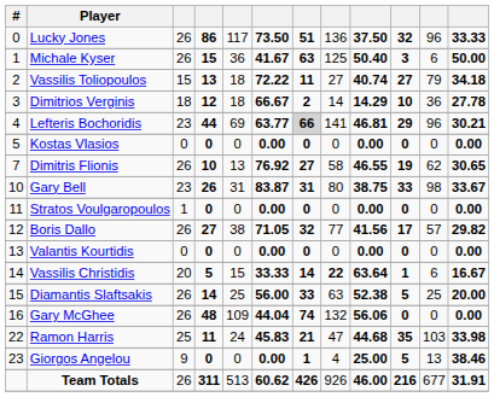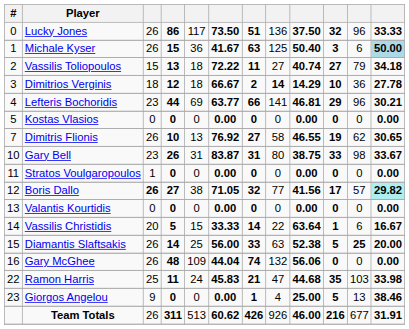 <table class="wikitable sortable" style="font-size:90%; text-align:center;">
 <tr>
 <th>#</th>
 <th>Player</th>
 <th></th>
 <th></th>
 <th></th>
 <th></th>
 <th></th>
 <th></th>
 <th></th>
 <th></th>
 <th></th>
 <th></th>
 </tr>
 <tr>
 <td>0</td>
 <td align="left"> <a href='#'>Lucky Jones</a></td>
 <td>26</td>
 <td><strong>86</strong></td>
 <td>117</td>
 <td><strong>73.50</strong></td>
 <td><strong>51</strong></td>
 <td>136</td>
 <td><strong>37.50</strong></td>
 <td><strong>32</strong></td>
 <td>96</td>
 <td><strong>33.33</strong></td>
 </tr>
 <tr>
 </tr>
 <tr>
 <td>1</td>
 <td align="left"> <a href='#'>Michale Kyser</a></td>
 <td>26</td>
 <td><strong>15</strong></td>
 <td>36</td>
 <td><strong>41.67</strong></td>
 <td><strong>63</strong></td>
 <td>125</td>
 <td><strong>50.40</strong></td>
 <td><strong>3</strong></td>
 <td>6</td>
-<td><strong>50.00</strong></td>
+<td style="background: lightblue;"><strong>50.00</strong></td>
 </tr>
 <tr>
 </tr>
 <tr>
 <td>2</td>
 <td align="left"> <a href='#'>Vassilis Toliopoulos</a></td>
 <td>15</td>
 <td><strong>13</strong></td>
 <td>18</td>
 <td><strong>72.22</strong></td>
 <td><strong>11</strong></td>
 <td>27</td>
 <td><strong>40.74</strong></td>
 <td><strong>27</strong></td>
 <td>79</td>
 <td><strong>34.18</strong></td>
 </tr>
 <tr>
 </tr>
 <tr>
 <td>3</td>
 <td align="left"> <a href='#'>Dimitrios Verginis</a></td>
 <td>18</td>
 <td><strong>12</strong></td>
 <td>18</td>
 <td><strong>66.67</strong></td>
 <td><strong>2</strong></td>
-<td>14</td>
+<td><strong>14</strong></td>
 <td><strong>14.29</strong></td>
 <td><strong>10</strong></td>
 <td>36</td>
 <td><strong>27.78</strong></td>
 </tr>
 <tr>
 </tr>
 <tr>
 <td>4</td>
 <td align="left"> <a href='#'>Lefteris Bochoridis</a></td>
 <td>23</td>
 <td><strong>44</strong></td>
 <td>69</td>
 <td><strong>63.77</strong></td>
-<td style="background: lightgrey;"><strong>66</strong></td>
+<td><strong>66</strong></td>
 <td>141</td>
 <td><strong>46.81</strong></td>
 <td><strong>29</strong></td>
 <td>96</td>
 <td><strong>30.21</strong></td>
 </tr>
 <tr>
 </tr>
 <tr>
 <td>5</td>
 <td align="left"> <a href='#'>Kostas Vlasios</a></td>
 <td>0</td>
 <td><strong>0</strong></td>
 <td>0</td>
 <td><strong>0.00</strong></td>
 <td><strong>0</strong></td>
 <td>0</td>
 <td><strong>0.00</strong></td>
 <td><strong>0</strong></td>
 <td>0</td>
 <td><strong>0.00</strong></td>
 </tr>
 <tr>
 </tr>
 <tr>
 <td>7</td>
 <td align="left"> <a href='#'>Dimitris Flionis</a></td>
 <td>26</td>
 <td><strong>10</strong></td>
 <td>13</td>
 <td><strong>76.92</strong></td>
 <td><strong>27</strong></td>
 <td>58</td>
 <td><strong>46.55</strong></td>
 <td><strong>19</strong></td>
 <td>62</td>
 <td><strong>30.65</strong></td>
 </tr>
 <tr>
 </tr>
 <tr>
 <td>10</td>
 <td align="left"> <a href='#'>Gary Bell</a></td>
 <td>23</td>
 <td><strong>26</strong></td>
 <td>31</td>
 <td><strong>83.87</strong></td>
 <td><strong>31</strong></td>
 <td>80</td>
 <td><strong>38.75</strong></td>
 <td><strong>33</strong></td>
 <td>98</td>
 <td><strong>33.67</strong></td>
 </tr>
 <tr>
 </tr>
 <tr>
 <td>11</td>
 <td align="left"> <a href='#'>Stratos Voulgaropoulos</a></td>
 <td>1</td>
 <td><strong>0</strong></td>
 <td>0</td>
 <td><strong>0.00</strong></td>
 <td><strong>0</strong></td>
 <td>0</td>
 <td><strong>0.00</strong></td>
 <td><strong>0</strong></td>
 <td>0</td>
 <td><strong>0.00</strong></td>
 </tr>
 <tr>
 </tr>
 <tr>
 <td>12</td>
 <td align="left"> <a href='#'>Boris Dallo</a></td>
-<td>26</td>
+<td><strong>26</strong></td>
 <td><strong>27</strong></td>
 <td>38</td>
 <td><strong>71.05</strong></td>
 <td><strong>32</strong></td>
 <td>77</td>
 <td><strong>41.56</strong></td>
 <td><strong>17</strong></td>
 <td>57</td>
-<td><strong>29.82</strong></td>
+<td style="background: paleturquoise;"><strong>29.82</strong></td>
 </tr>
 <tr>
 </tr>
 <tr>
 <td>13</td>
 <td align="left"> <a href='#'>Valantis Kourtidis</a></td>
 <td>0</td>
 <td><strong>0</strong></td>
 <td>0</td>
 <td><strong>0.00</strong></td>
 <td><strong>0</strong></td>
 <td>0</td>
 <td><strong>0.00</strong></td>
 <td><strong>0</strong></td>
 <td>0</td>
 <td><strong>0.00</strong></td>
 </tr>
 <tr>
 </tr>
 <tr>
 <td>14</td>
 <td align="left"> <a href='#'>Vassilis Christidis</a></td>
 <td>20</td>
 <td><strong>5</strong></td>
 <td>15</td>
 <td><strong>33.33</strong></td>
 <td><strong>14</strong></td>
-<td><strong>22</strong></td>
+<td>22</td>
 <td><strong>63.64</strong></td>
 <td><strong>1</strong></td>
 <td>6</td>
 <td><strong>16.67</strong></td>
 </tr>
 <tr>
 </tr>
 <tr>
 <td>15</td>
 <td align="left"> <a href='#'>Diamantis Slaftsakis</a></td>
 <td>26</td>
 <td><strong>14</strong></td>
 <td>25</td>
 <td><strong>56.00</strong></td>
 <td><strong>33</strong></td>
 <td>63</td>
 <td><strong>52.38</strong></td>
 <td><strong>5</strong></td>
-<td>25</td>
+<td><strong>25</strong></td>
 <td><strong>20.00</strong></td>
 </tr>
 <tr>
 </tr>
 <tr>
 <td>16</td>
 <td align="left"> <a href='#'>Gary McGhee</a></td>
 <td>26</td>
 <td><strong>48</strong></td>
 <td>109</td>
 <td><strong>44.04</strong></td>
 <td><strong>74</strong></td>
 <td>132</td>
 <td><strong>56.06</strong></td>
 <td><strong>0</strong></td>
 <td>0</td>
 <td><strong>0.00</strong></td>
 </tr>
 <tr>
 </tr>
 <tr>
 <td>22</td>
 <td align="left"> <a href='#'>Ramon Harris</a></td>
 <td>25</td>
 <td><strong>11</strong></td>
 <td>24</td>
 <td><strong>45.83</strong></td>
 <td><strong>21</strong></td>
 <td>47</td>
 <td><strong>44.68</strong></td>
 <td><strong>35</strong></td>
 <td>103</td>
 <td><strong>33.98</strong></td>
 </tr>
 <tr>
 </tr>
 <tr>
 <td>23</td>
 <td align="left"> <a href='#'>Giorgos Angelou</a></td>
 <td>9</td>
 <td><strong>0</strong></td>
 <td>0</td>
 <td><strong>0.00</strong></td>
 <td><strong>1</strong></td>
 <td>4</td>
 <td><strong>25.00</strong></td>
 <td><strong>5</strong></td>
 <td>13</td>
 <td><strong>38.46</strong></td>
 </tr>
 <tr>
 </tr>
 <tr>
 <td></td>
 <td><strong>Team Totals</strong></td>
 <td>26</td>
 <td><strong>311</strong></td>
 <td>513</td>
 <td><strong>60.62</strong></td>
 <td><strong>426</strong></td>
 <td>926</td>
 <td><strong>46.00</strong></td>
 <td><strong>216</strong></td>
 <td>677</td>
 <td><strong>31.91</strong></td>
 </tr>
 <tr>
 </tr>
 </table>
